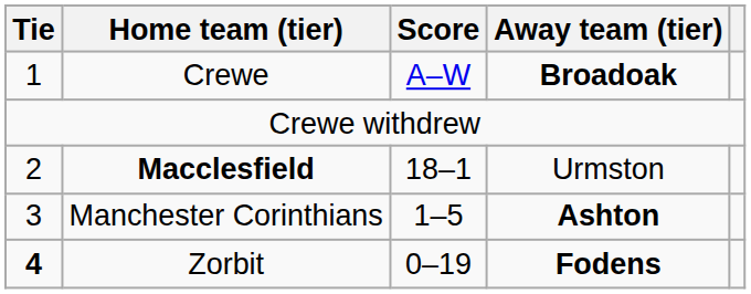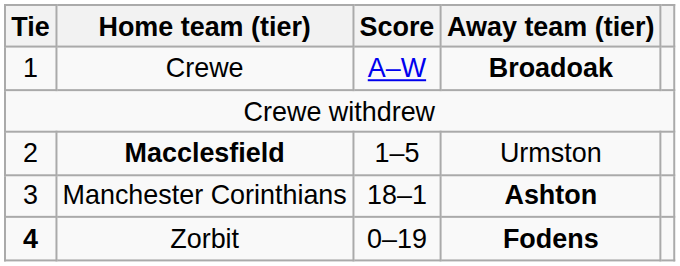 <table class="wikitable" style="text-align:center; font-size:85%">
 <tr>
 <th>Tie</th>
 <th>Home team (tier)</th>
 <th>Score</th>
 <th>Away team (tier)</th>
 <th></th>
 </tr>
 <tr>
 <td align="center">1</td>
 <td>Crewe</td>
 <td align="center"><a href='#'>A–W</a></td>
 <td><strong>Broadoak</strong></td>
 <td></td>
 </tr>
 <tr>
 <td colspan="5" align="center">Crewe withdrew</td>
 </tr>
 <tr>
 <td align="center">2</td>
 <td><strong>Macclesfield</strong></td>
-<td align="center">18–1</td>
+<td align="center">1–5</td>
 <td>Urmston</td>
 <td></td>
 </tr>
 <tr>
 <td align="center">3</td>
 <td>Manchester Corinthians</td>
-<td align="center">1–5</td>
+<td align="center">18–1</td>
 <td><strong>Ashton</strong></td>
 <td></td>
 </tr>
 <tr>
 <td align="center"><strong>4</strong></td>
 <td>Zorbit</td>
 <td align="center">0–19</td>
 <td><strong>Fodens</strong></td>
 <td></td>
 </tr>
 </table>
